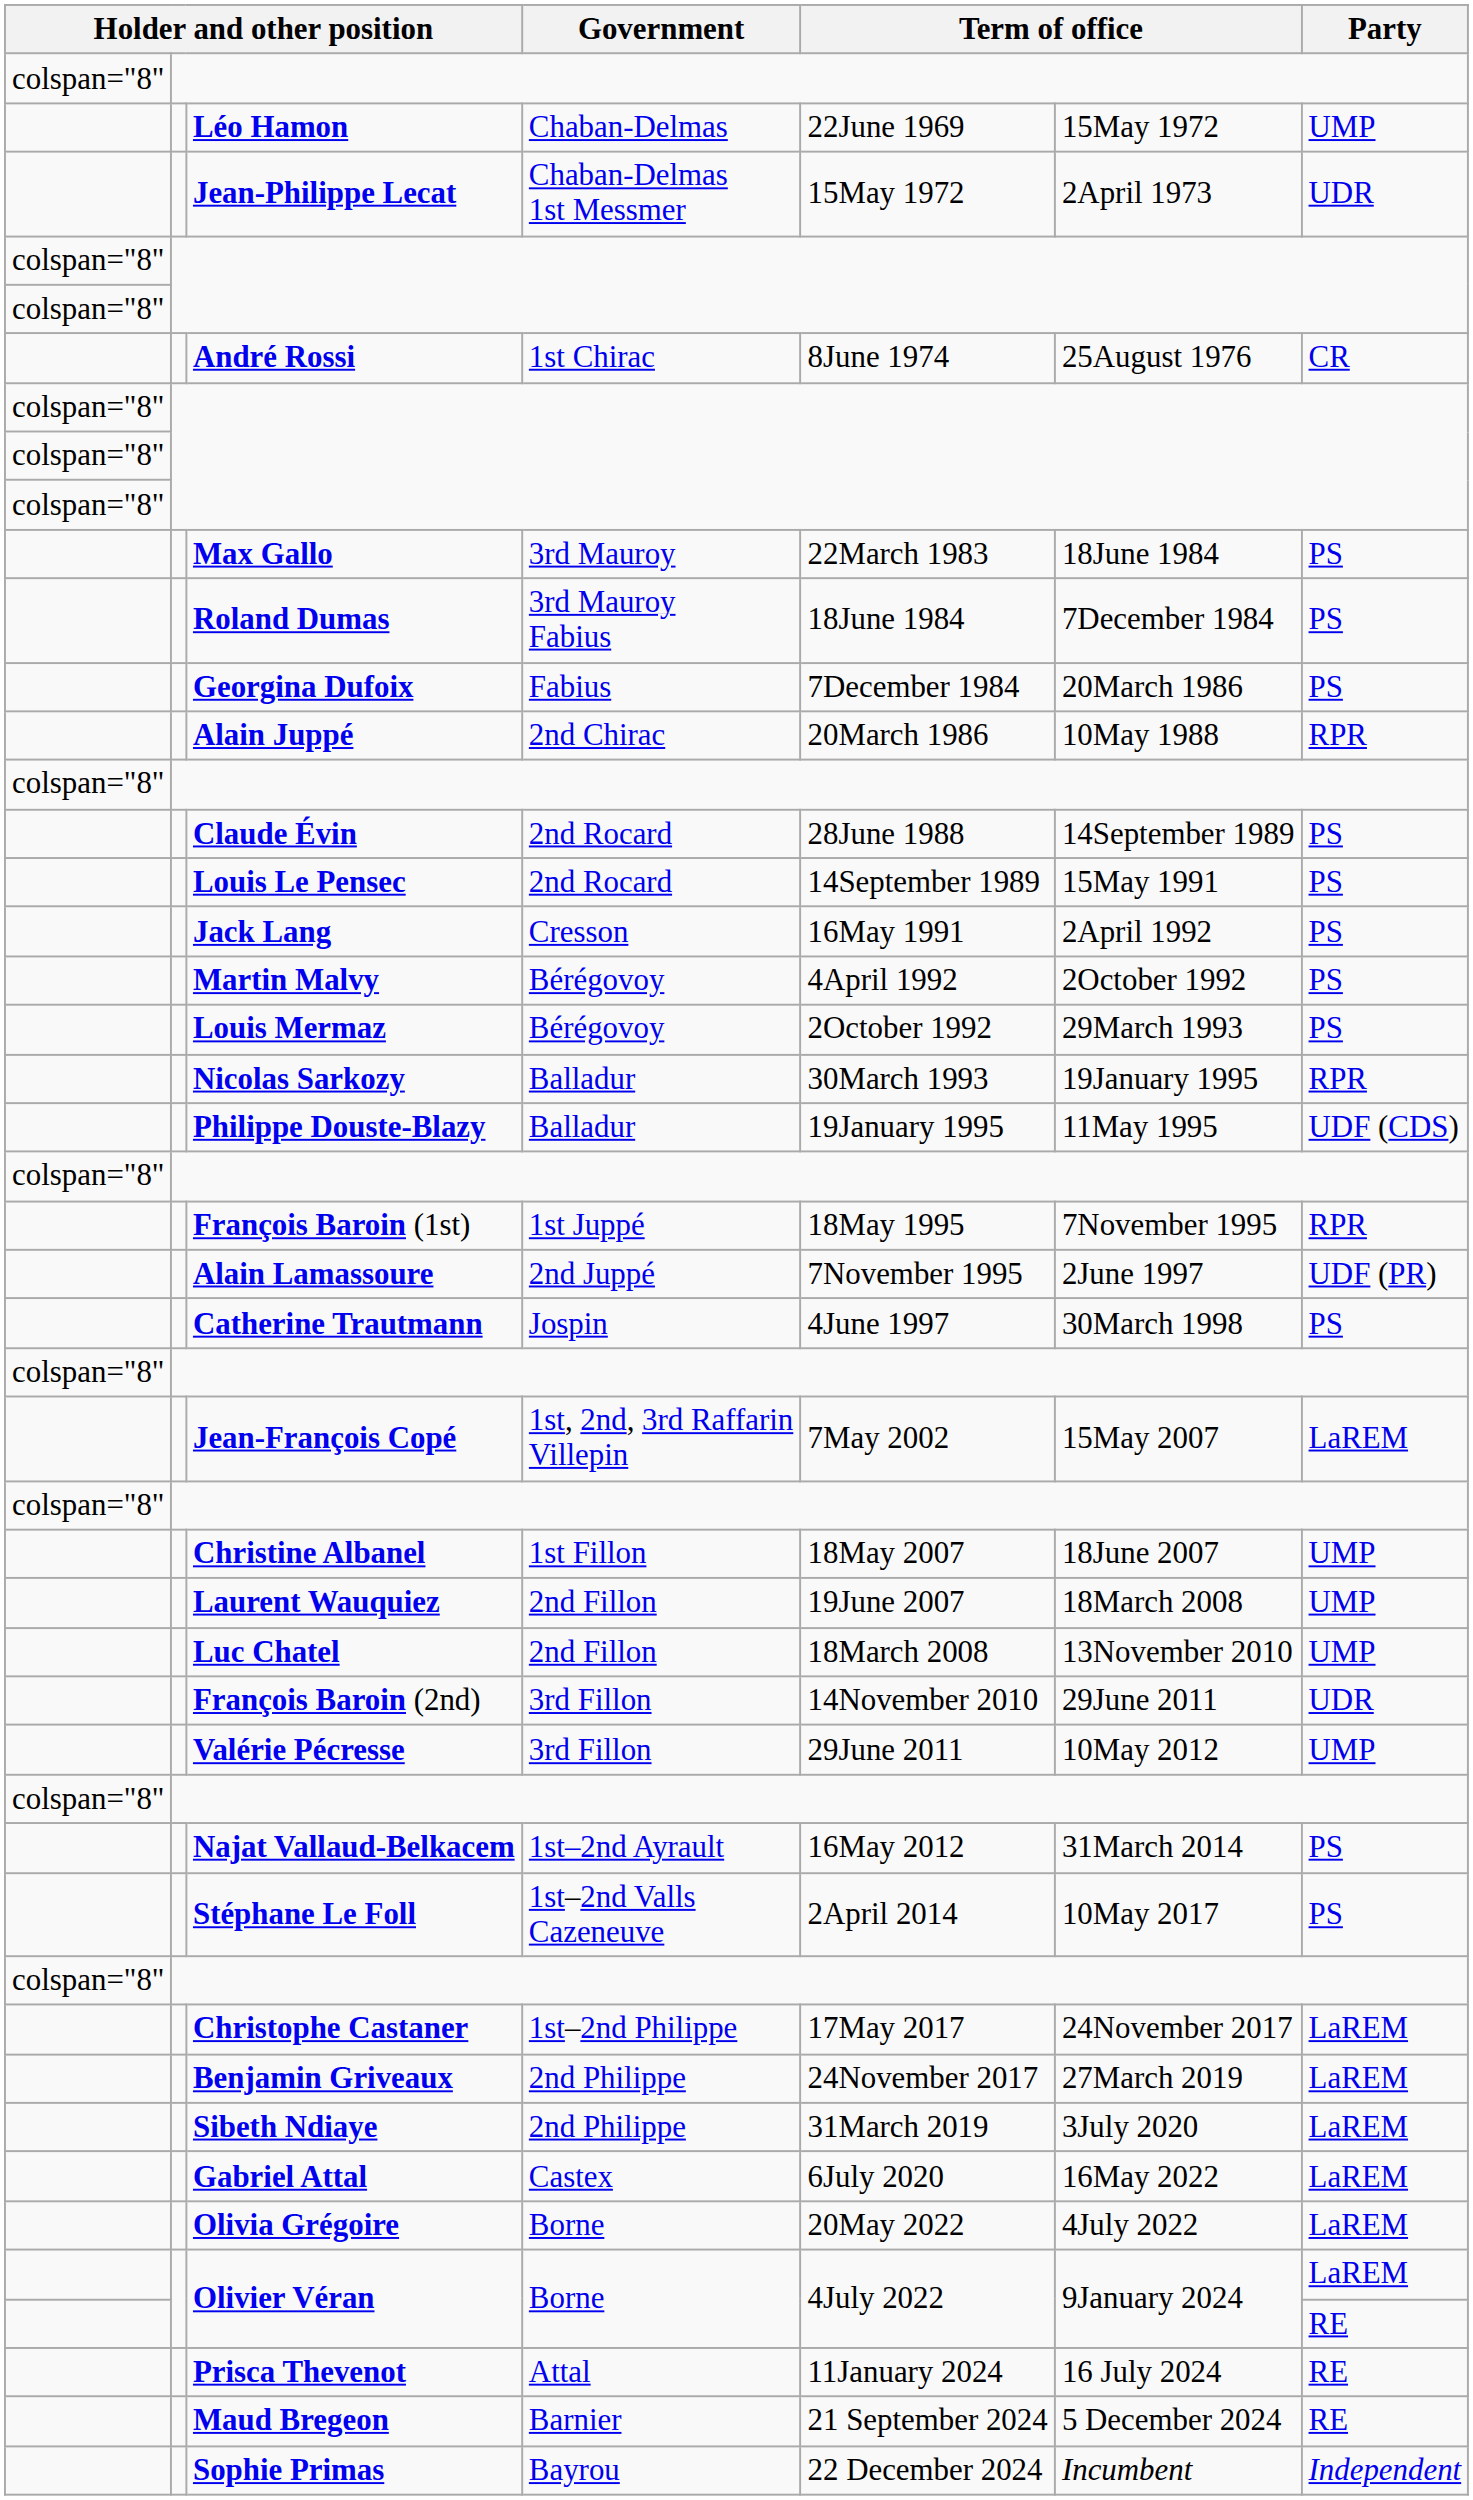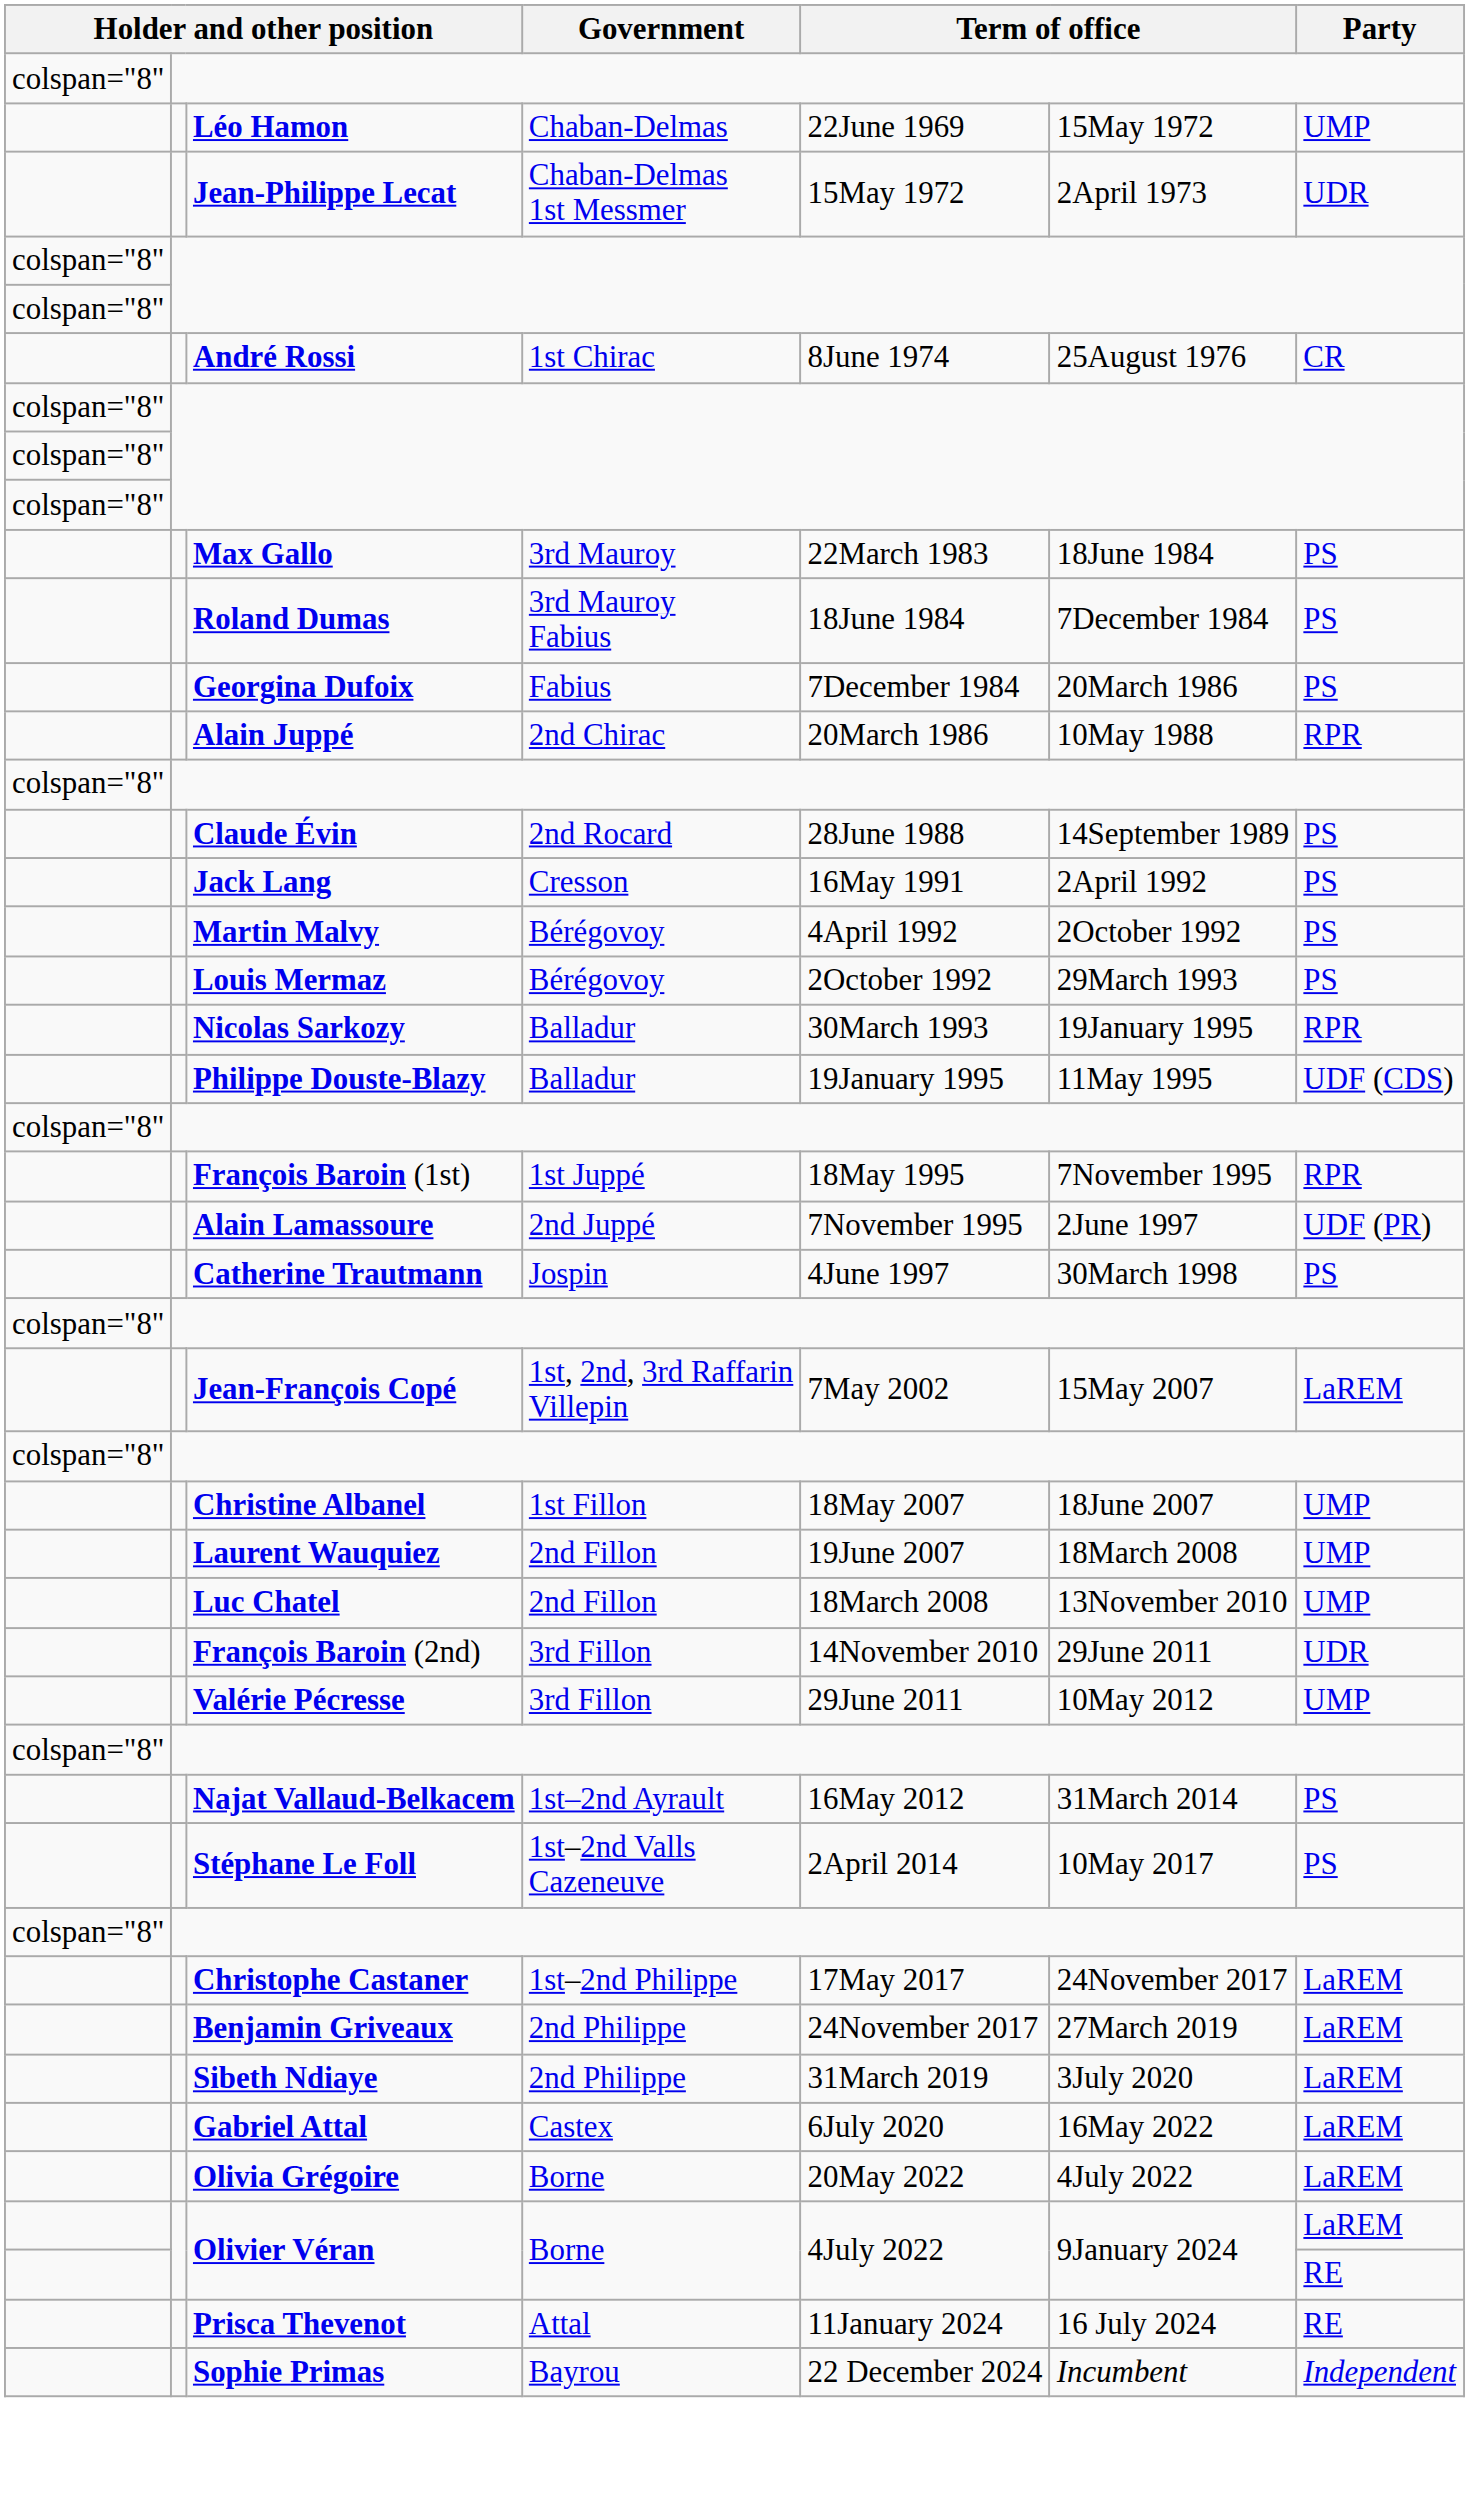 <table class="wikitable">
 <tr>
 <th colspan="3">Holder and other position</th>
 <th>Government</th>
 <th colspan="2">Term of office</th>
 <th>Party</th>
 </tr>
 <tr>
 <td>colspan="8" </td>
 </tr>
 <tr>
 <td style="background:"></td>
 <td></td>
 <td><strong><a href='#'>Léo Hamon</a></strong><br></td>
 <td><a href='#'>Chaban-Delmas</a></td>
 <td>22June 1969</td>
 <td>15May 1972<br></td>
 <td><a href='#'>UMP</a></td>
 </tr>
 <tr>
 <td style="background:"></td>
 <td></td>
 <td><strong><a href='#'>Jean-Philippe Lecat</a></strong><br></td>
 <td><a href='#'>Chaban-Delmas</a><br><a href='#'>1st Messmer</a></td>
 <td>15May 1972<br></td>
 <td>2April 1973</td>
 <td><a href='#'>UDR</a></td>
 </tr>
 <tr>
 <td>colspan="8" </td>
 </tr>
 <tr>
 <td>colspan="8" </td>
 </tr>
 <tr>
 <td style="background:"></td>
 <td></td>
 <td><strong><a href='#'>André Rossi</a></strong><br></td>
 <td><a href='#'>1st Chirac</a></td>
 <td>8June 1974</td>
 <td>25August 1976</td>
 <td><a href='#'>CR</a></td>
 </tr>
 <tr>
 <td>colspan="8" </td>
 </tr>
 <tr>
 <td>colspan="8" </td>
 </tr>
 <tr>
 <td>colspan="8" </td>
 </tr>
 <tr>
 <td style="background:"></td>
 <td></td>
 <td><strong><a href='#'>Max Gallo</a></strong><br></td>
 <td><a href='#'>3rd Mauroy</a></td>
 <td>22March 1983</td>
 <td>18June 1984<br></td>
 <td><a href='#'>PS</a></td>
 </tr>
 <tr>
 <td style="background:"></td>
 <td></td>
 <td><strong><a href='#'>Roland Dumas</a></strong><br></td>
 <td><a href='#'>3rd Mauroy</a><br><a href='#'>Fabius</a></td>
 <td>18June 1984<br></td>
 <td>7December 1984<br></td>
 <td><a href='#'>PS</a></td>
 </tr>
 <tr>
 <td style="background:"></td>
 <td></td>
 <td><strong><a href='#'>Georgina Dufoix</a></strong><br></td>
 <td><a href='#'>Fabius</a></td>
 <td>7December 1984<br></td>
 <td>20March 1986</td>
 <td><a href='#'>PS</a></td>
 </tr>
 <tr>
 <td style="background:"></td>
 <td></td>
 <td><strong><a href='#'>Alain Juppé</a></strong><br></td>
 <td><a href='#'>2nd Chirac</a></td>
 <td>20March 1986</td>
 <td>10May 1988</td>
 <td><a href='#'>RPR</a></td>
 </tr>
 <tr>
 <td>colspan="8" </td>
 </tr>
 <tr>
 <td style="background:"></td>
 <td></td>
 <td><strong><a href='#'>Claude Évin</a></strong><br></td>
 <td><a href='#'>2nd Rocard</a></td>
 <td>28June 1988</td>
 <td>14September 1989<br></td>
-<td><a href='#'>PS</a></td>
-</tr>
-<tr>
-<td style="background:"></td>
-<td></td>
-<td><strong><a href='#'>Louis Le Pensec</a></strong><br></td>
-<td><a href='#'>2nd Rocard</a></td>
-<td>14September 1989<br></td>
-<td>15May 1991</td>
 <td><a href='#'>PS</a></td>
 </tr>
 <tr>
 <td style="background:"></td>
 <td></td>
 <td><strong><a href='#'>Jack Lang</a></strong><br></td>
 <td><a href='#'>Cresson</a></td>
 <td>16May 1991</td>
 <td>2April 1992</td>
 <td><a href='#'>PS</a></td>
 </tr>
 <tr>
 <td style="background:"></td>
 <td></td>
 <td><strong><a href='#'>Martin Malvy</a></strong><br></td>
 <td><a href='#'>Bérégovoy</a></td>
 <td>4April 1992</td>
 <td>2October 1992<br></td>
 <td><a href='#'>PS</a></td>
 </tr>
 <tr>
 <td style="background:"></td>
 <td></td>
 <td><strong><a href='#'>Louis Mermaz</a></strong><br></td>
 <td><a href='#'>Bérégovoy</a></td>
 <td>2October 1992<br></td>
 <td>29March 1993</td>
 <td><a href='#'>PS</a></td>
 </tr>
 <tr>
 <td style="background:"></td>
 <td></td>
 <td><strong><a href='#'>Nicolas Sarkozy</a></strong><br></td>
 <td><a href='#'>Balladur</a></td>
 <td>30March 1993</td>
 <td>19January 1995<br></td>
 <td><a href='#'>RPR</a></td>
 </tr>
 <tr>
 <td style="background:"></td>
 <td></td>
 <td><strong><a href='#'>Philippe Douste-Blazy</a></strong><br></td>
 <td><a href='#'>Balladur</a></td>
 <td>19January 1995<br></td>
 <td>11May 1995</td>
 <td><a href='#'>UDF</a> (<a href='#'>CDS</a>)</td>
 </tr>
 <tr>
 <td>colspan="8" </td>
 </tr>
 <tr>
 <td style="background:"></td>
 <td></td>
 <td><strong><a href='#'>François Baroin</a></strong> (1st)<br></td>
 <td><a href='#'>1st Juppé</a></td>
 <td>18May 1995</td>
 <td>7November 1995</td>
 <td><a href='#'>RPR</a></td>
 </tr>
 <tr>
 <td style="background:"></td>
 <td></td>
 <td><strong><a href='#'>Alain Lamassoure</a></strong><br></td>
 <td><a href='#'>2nd Juppé</a></td>
 <td>7November 1995</td>
 <td>2June 1997</td>
 <td><a href='#'>UDF</a> (<a href='#'>PR</a>)</td>
 </tr>
 <tr>
 <td style="background:"></td>
 <td></td>
 <td><strong><a href='#'>Catherine Trautmann</a></strong><br></td>
 <td><a href='#'>Jospin</a></td>
 <td>4June 1997</td>
 <td>30March 1998<br></td>
 <td><a href='#'>PS</a></td>
 </tr>
 <tr>
 <td>colspan="8" </td>
 </tr>
 <tr>
 <td style="background:"></td>
 <td></td>
 <td><strong><a href='#'>Jean-François Copé</a></strong><br></td>
 <td><a href='#'>1st</a>, <a href='#'>2nd</a>, <a href='#'>3rd Raffarin</a><br><a href='#'>Villepin</a></td>
 <td>7May 2002</td>
 <td>15May 2007</td>
 <td><a href='#'>LaREM</a></td>
 </tr>
 <tr>
 <td>colspan="8" </td>
 </tr>
 <tr>
 <td style="background:"></td>
 <td></td>
 <td><strong><a href='#'>Christine Albanel</a></strong><br></td>
 <td><a href='#'>1st Fillon</a></td>
 <td>18May 2007</td>
 <td>18June 2007</td>
 <td><a href='#'>UMP</a></td>
 </tr>
 <tr>
 <td style="background:"></td>
 <td></td>
 <td><strong><a href='#'>Laurent Wauquiez</a></strong><br></td>
 <td><a href='#'>2nd Fillon</a></td>
 <td>19June 2007</td>
 <td>18March 2008<br></td>
 <td><a href='#'>UMP</a></td>
 </tr>
 <tr>
 <td style="background:"></td>
 <td></td>
 <td><strong><a href='#'>Luc Chatel</a></strong><br></td>
 <td><a href='#'>2nd Fillon</a></td>
 <td>18March 2008<br></td>
 <td>13November 2010</td>
 <td><a href='#'>UMP</a></td>
 </tr>
 <tr>
 <td style="background:"></td>
 <td></td>
 <td><strong><a href='#'>François Baroin</a></strong> (2nd)<br></td>
 <td><a href='#'>3rd Fillon</a></td>
 <td>14November 2010</td>
 <td>29June 2011<br></td>
 <td><a href='#'>UDR</a></td>
 </tr>
 <tr>
 <td style="background:"></td>
 <td></td>
 <td><strong><a href='#'>Valérie Pécresse</a></strong><br></td>
 <td><a href='#'>3rd Fillon</a></td>
 <td>29June 2011<br></td>
 <td>10May 2012</td>
 <td><a href='#'>UMP</a></td>
 </tr>
 <tr>
 <td>colspan="8" </td>
 </tr>
 <tr>
 <td style="background:"></td>
 <td></td>
 <td><strong><a href='#'>Najat Vallaud-Belkacem</a></strong><br></td>
 <td><a href='#'>1st–2nd Ayrault</a></td>
 <td>16May 2012</td>
 <td>31March 2014</td>
 <td><a href='#'>PS</a></td>
 </tr>
 <tr>
 <td style="background:"></td>
 <td></td>
 <td><strong><a href='#'>Stéphane Le Foll</a></strong><br></td>
 <td><a href='#'>1st</a>–<a href='#'>2nd Valls</a><br><a href='#'>Cazeneuve</a></td>
 <td>2April 2014</td>
 <td>10May 2017</td>
 <td><a href='#'>PS</a></td>
 </tr>
 <tr>
 <td>colspan="8" </td>
 </tr>
 <tr>
 <td style="background:"></td>
 <td></td>
 <td><strong><a href='#'>Christophe Castaner</a></strong><br></td>
 <td><a href='#'>1st</a>–<a href='#'>2nd Philippe</a></td>
 <td>17May 2017</td>
 <td>24November 2017<br></td>
 <td><a href='#'>LaREM</a></td>
 </tr>
 <tr>
 <td style="background:"></td>
 <td></td>
 <td><strong><a href='#'>Benjamin Griveaux</a></strong><br></td>
 <td><a href='#'>2nd Philippe</a></td>
 <td>24November 2017<br></td>
 <td>27March 2019<br></td>
 <td><a href='#'>LaREM</a></td>
 </tr>
 <tr>
 <td style="background:"></td>
 <td></td>
 <td><strong><a href='#'>Sibeth Ndiaye</a></strong><br></td>
 <td><a href='#'>2nd Philippe</a></td>
 <td>31March 2019 <br></td>
 <td>3July 2020</td>
 <td><a href='#'>LaREM</a></td>
 </tr>
 <tr>
 <td style="background:"></td>
 <td></td>
 <td><strong><a href='#'>Gabriel Attal</a></strong><br></td>
 <td><a href='#'>Castex</a></td>
 <td>6July 2020</td>
 <td>16May 2022</td>
 <td><a href='#'>LaREM</a></td>
 </tr>
 <tr>
 <td style="background:"></td>
 <td></td>
 <td><strong><a href='#'>Olivia Grégoire</a></strong><br></td>
 <td><a href='#'>Borne</a></td>
 <td>20May 2022</td>
 <td>4July 2022<br></td>
 <td><a href='#'>LaREM</a></td>
 </tr>
 <tr>
 <td style="background:"></td>
 <td rowspan="2"></td>
 <td rowspan="2"><strong><a href='#'>Olivier Véran</a></strong><br></td>
 <td rowspan="2"><a href='#'>Borne</a></td>
 <td rowspan="2">4July 2022<br></td>
 <td rowspan="2">9January 2024</td>
 <td><a href='#'>LaREM</a></td>
 </tr>
 <tr>
 <td style="background:"></td>
 <td><a href='#'>RE</a><br></td>
 </tr>
 <tr>
 <td style="background:"></td>
 <td></td>
 <td><strong><a href='#'>Prisca Thevenot</a></strong><br></td>
 <td><a href='#'>Attal</a></td>
 <td>11January 2024</td>
 <td>16 July 2024</td>
 <td><a href='#'>RE</a></td>
 </tr>
 <tr>
 <td style="background:"></td>
 <td></td>
-<td><strong><a href='#'>Maud Bregeon</a></strong><br></td>
-<td><a href='#'>Barnier</a></td>
-<td>21 September 2024</td>
-<td>5 December 2024</td>
-<td><a href='#'>RE</a></td>
-</tr>
-<tr>
-<td style="background:"></td>
-<td></td>
 <td><strong><a href='#'>Sophie Primas</a></strong><br></td>
 <td><a href='#'>Bayrou</a></td>
 <td>22 December 2024</td>
 <td><em>Incumbent</em></td>
 <td><a href='#'><em>Independent</em></a></td>
 </tr>
 </table>
